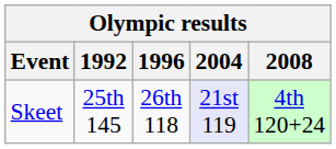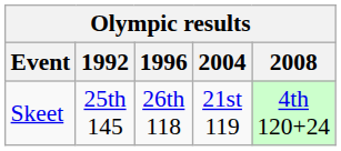 <table class="wikitable" style="text-align: center">
 <tr>
 <th colspan=6>Olympic results</th>
 </tr>
 <tr>
 <th>Event</th>
 <th>1992</th>
 <th>1996</th>
 <th>2004</th>
 <th>2008</th>
 </tr>
 <tr>
 <td align=left><a href='#'>Skeet</a></td>
 <td><a href='#'>25th</a><br>145</td>
 <td><a href='#'>26th</a><br>118</td>
-<td style="background: lavender;"><a href='#'>21st</a><br>119</td>
+<td><a href='#'>21st</a><br>119</td>
 <td style="background:#cfc;"><a href='#'>4th</a><br>120+24</td>
 </tr>
 </table>
